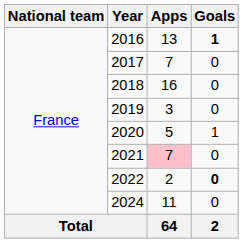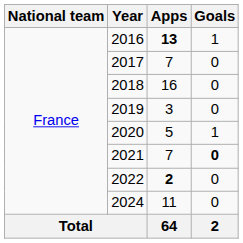 <table class="wikitable" style="text-align: center;">
 <tr>
 <th>National team</th>
 <th>Year</th>
 <th>Apps</th>
 <th>Goals</th>
 </tr>
 <tr>
 <td rowspan="8"><a href='#'>France</a></td>
 <td>2016</td>
-<td>13</td>
-<td><strong>1</strong></td>
+<td><strong>13</strong></td>
+<td>1</td>
 </tr>
 <tr>
 <td>2017</td>
 <td>7</td>
 <td>0</td>
 </tr>
 <tr>
 <td>2018</td>
 <td>16</td>
 <td>0</td>
 </tr>
 <tr>
 <td>2019</td>
 <td>3</td>
 <td>0</td>
 </tr>
 <tr>
 <td>2020</td>
 <td>5</td>
 <td>1</td>
 </tr>
 <tr>
 <td>2021</td>
-<td style="background: pink;">7</td>
-<td>0</td>
+<td>7</td>
+<td><strong>0</strong></td>
 </tr>
 <tr>
 <td>2022</td>
-<td>2</td>
-<td><strong>0</strong></td>
+<td><strong>2</strong></td>
+<td>0</td>
 </tr>
 <tr>
 <td>2024</td>
 <td>11</td>
 <td>0</td>
 </tr>
 <tr>
 <th colspan="2">Total</th>
 <th>64</th>
 <th>2</th>
 </tr>
 </table>
